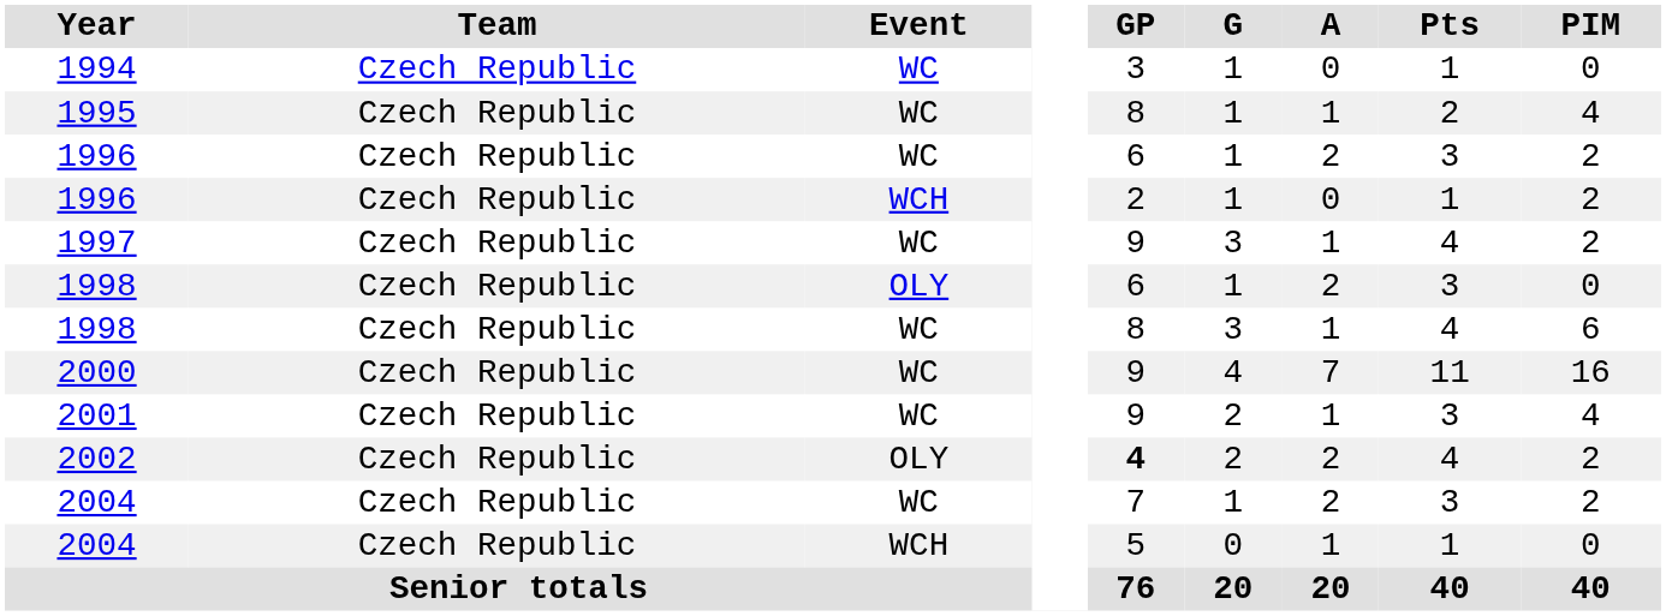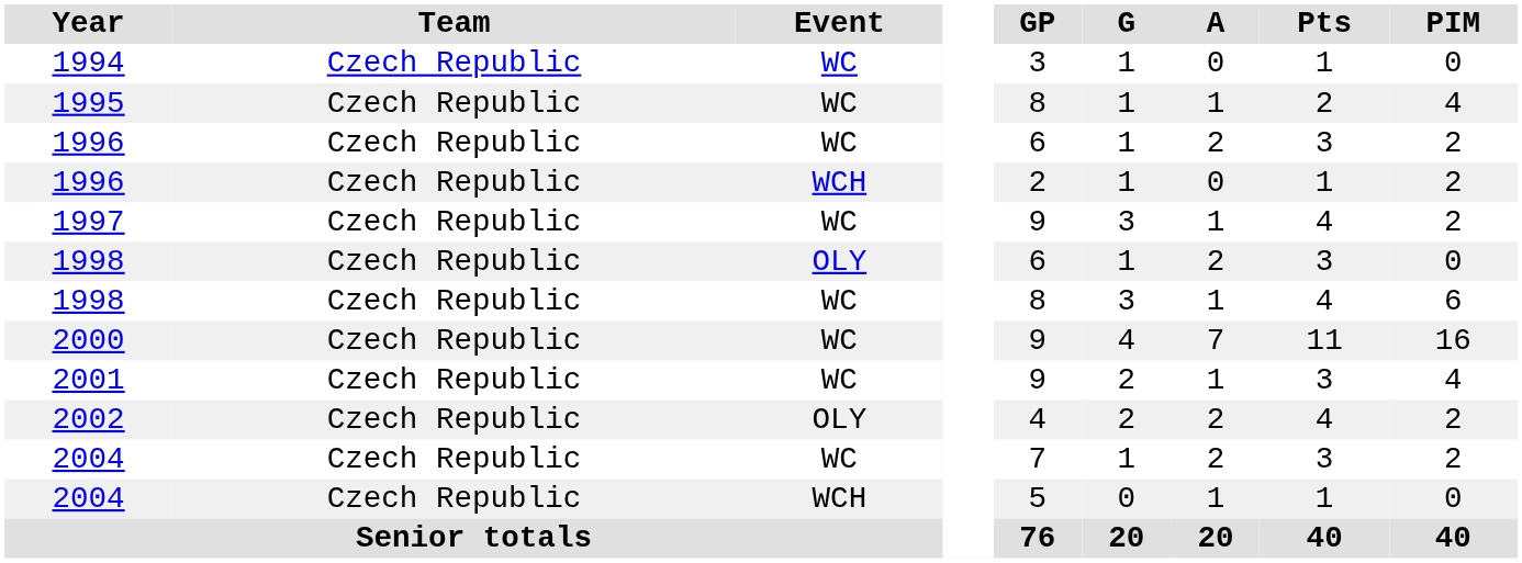 <table border="0" cellpadding="1" cellspacing="0" style="text-align:center; width:50em">
 <tr ALIGN="center" bgcolor="#e0e0e0">
 <th>Year</th>
 <th>Team</th>
 <th>Event</th>
 <th rowspan="99" bgcolor="#ffffff"> </th>
 <th>GP</th>
 <th>G</th>
 <th>A</th>
 <th>Pts</th>
 <th>PIM</th>
 </tr>
 <tr>
 <td><a href='#'>1994</a></td>
 <td><a href='#'>Czech Republic</a></td>
 <td><a href='#'>WC</a></td>
 <td>3</td>
 <td>1</td>
 <td>0</td>
 <td>1</td>
 <td>0</td>
 </tr>
 <tr bgcolor="#f0f0f0">
 <td><a href='#'>1995</a></td>
 <td>Czech Republic</td>
 <td>WC</td>
 <td>8</td>
 <td>1</td>
 <td>1</td>
 <td>2</td>
 <td>4</td>
 </tr>
 <tr>
 <td><a href='#'>1996</a></td>
 <td>Czech Republic</td>
 <td>WC</td>
 <td>6</td>
 <td>1</td>
 <td>2</td>
 <td>3</td>
 <td>2</td>
 </tr>
 <tr bgcolor="#f0f0f0">
 <td><a href='#'>1996</a></td>
 <td>Czech Republic</td>
 <td><a href='#'>WCH</a></td>
 <td>2</td>
 <td>1</td>
 <td>0</td>
 <td>1</td>
 <td>2</td>
 </tr>
 <tr>
 <td><a href='#'>1997</a></td>
 <td>Czech Republic</td>
 <td>WC</td>
 <td>9</td>
 <td>3</td>
 <td>1</td>
 <td>4</td>
 <td>2</td>
 </tr>
 <tr bgcolor="#f0f0f0">
 <td><a href='#'>1998</a></td>
 <td>Czech Republic</td>
 <td><a href='#'>OLY</a></td>
 <td>6</td>
 <td>1</td>
 <td>2</td>
 <td>3</td>
 <td>0</td>
 </tr>
 <tr>
 <td><a href='#'>1998</a></td>
 <td>Czech Republic</td>
 <td>WC</td>
 <td>8</td>
 <td>3</td>
 <td>1</td>
 <td>4</td>
 <td>6</td>
 </tr>
 <tr bgcolor="#f0f0f0">
 <td><a href='#'>2000</a></td>
 <td>Czech Republic</td>
 <td>WC</td>
 <td>9</td>
 <td>4</td>
 <td>7</td>
 <td>11</td>
 <td>16</td>
 </tr>
 <tr>
 <td><a href='#'>2001</a></td>
 <td>Czech Republic</td>
 <td>WC</td>
 <td>9</td>
 <td>2</td>
 <td>1</td>
 <td>3</td>
 <td>4</td>
 </tr>
 <tr bgcolor="#f0f0f0">
 <td><a href='#'>2002</a></td>
 <td>Czech Republic</td>
 <td>OLY</td>
-<td><strong>4</strong></td>
+<td>4</td>
 <td>2</td>
 <td>2</td>
 <td>4</td>
 <td>2</td>
 </tr>
 <tr>
 <td><a href='#'>2004</a></td>
 <td>Czech Republic</td>
 <td>WC</td>
 <td>7</td>
 <td>1</td>
 <td>2</td>
 <td>3</td>
 <td>2</td>
 </tr>
 <tr bgcolor="#f0f0f0">
 <td><a href='#'>2004</a></td>
 <td>Czech Republic</td>
 <td>WCH</td>
 <td>5</td>
 <td>0</td>
 <td>1</td>
 <td>1</td>
 <td>0</td>
 </tr>
 <tr bgcolor="#e0e0e0">
 <th colspan=3>Senior totals</th>
 <th>76</th>
 <th>20</th>
 <th>20</th>
 <th>40</th>
 <th>40</th>
 </tr>
 </table>
